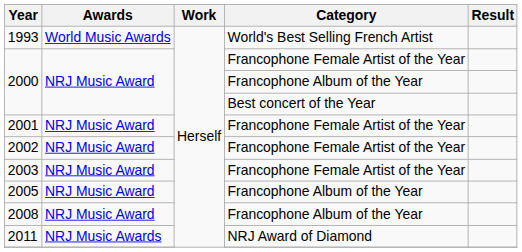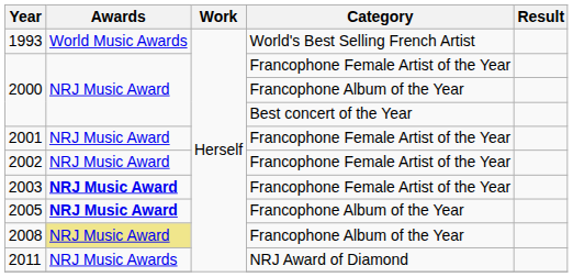 <table class=wikitable>
 <tr>
 <th>Year</th>
 <th>Awards</th>
 <th>Work</th>
 <th>Category</th>
 <th>Result</th>
 </tr>
 <tr>
 <td>1993</td>
 <td><a href='#'>World Music Awards</a></td>
 <td rowspan="12">Herself</td>
 <td>World's Best Selling French Artist</td>
 <td></td>
 </tr>
 <tr>
 <td rowspan="3">2000</td>
 <td rowspan="3"><a href='#'>NRJ Music Award</a></td>
 <td>Francophone Female Artist of the Year</td>
 <td></td>
 </tr>
 <tr>
 <td>Francophone Album of the Year</td>
 <td></td>
 </tr>
 <tr>
 <td>Best concert of the Year</td>
 <td></td>
 </tr>
 <tr>
 <td>2001</td>
 <td><a href='#'>NRJ Music Award</a></td>
 <td>Francophone Female Artist of the Year</td>
 <td></td>
 </tr>
 <tr>
 <td>2002</td>
 <td><a href='#'>NRJ Music Award</a></td>
 <td>Francophone Female Artist of the Year</td>
 <td></td>
 </tr>
 <tr>
 <td>2003</td>
-<td><a href='#'>NRJ Music Award</a></td>
+<td><strong><a href='#'>NRJ Music Award</a></strong></td>
 <td>Francophone Female Artist of the Year</td>
 <td></td>
 </tr>
 <tr>
 <td>2005</td>
-<td><a href='#'>NRJ Music Award</a></td>
+<td><strong><a href='#'>NRJ Music Award</a></strong></td>
 <td>Francophone Album of the Year</td>
 <td></td>
 </tr>
 <tr>
 <td>2008</td>
-<td><a href='#'>NRJ Music Award</a></td>
+<td style="background: khaki;"><a href='#'>NRJ Music Award</a></td>
 <td>Francophone Album of the Year</td>
 <td></td>
 </tr>
 <tr>
 <td>2011</td>
 <td><a href='#'>NRJ Music Awards</a></td>
 <td>NRJ Award of Diamond</td>
 <td></td>
 </tr>
 <tr>
 </tr>
 </table>
